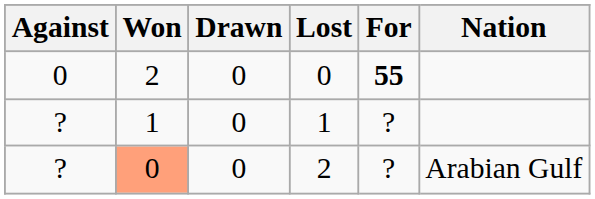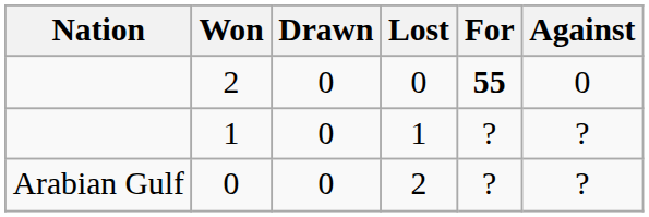 <table class="wikitable" style="text-align: center;">
 <tr>
-<th>Against</th>
+<th>Nation</th>
 <th>Won</th>
 <th>Drawn</th>
 <th>Lost</th>
 <th>For</th>
-<th>Nation</th>
+<th>Against</th>
 </tr>
 <tr>
-<td>0</td>
+<td align="left"></td>
 <td>2</td>
 <td>0</td>
 <td>0</td>
 <td><strong>55</strong></td>
-<td align="left"></td>
+<td>0</td>
 </tr>
 <tr>
-<td>?</td>
+<td align="left"></td>
 <td>1</td>
 <td>0</td>
 <td>1</td>
 <td>?</td>
-<td align="left"></td>
+<td>?</td>
 </tr>
 <tr>
-<td>?</td>
-<td style="background: lightsalmon;">0</td>
+<td align="left"> Arabian Gulf</td>
+<td>0</td>
 <td>0</td>
 <td>2</td>
 <td>?</td>
-<td align="left"> Arabian Gulf</td>
+<td>?</td>
 </tr>
 </table>
